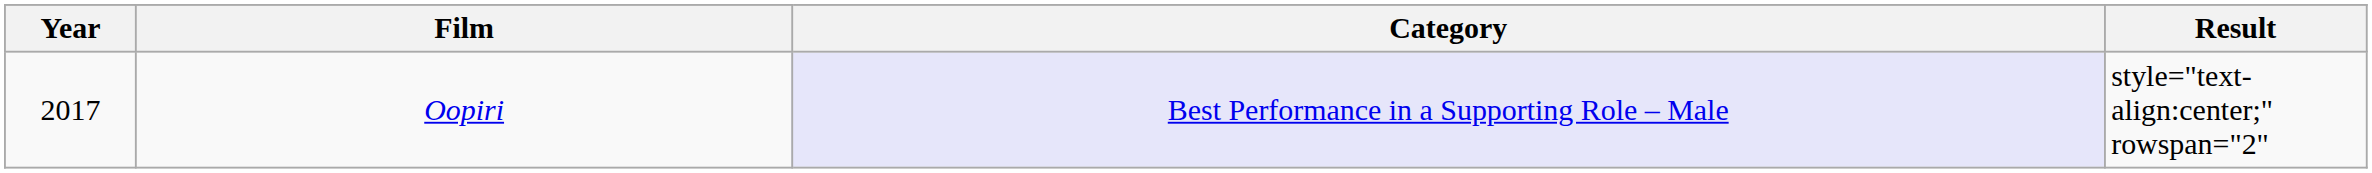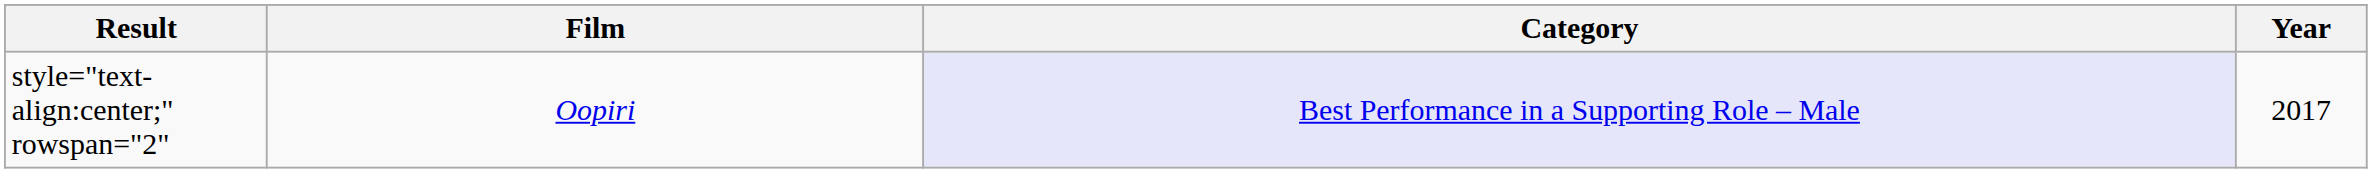 <table class="wikitable" style="width:100%;">
 <tr>
-<th width=5%>Year</th>
+<th style="width:10%;">Result</th>
 <th style="width:25%;">Film</th>
 <th style="width:50%;">Category</th>
-<th style="width:10%;">Result</th>
+<th width=5%>Year</th>
 </tr>
 <tr>
-<td style="text-align:center;">2017</td>
+<td>style="text-align:center;" rowspan="2" </td>
 <td style="text-align:center;"><em><a href='#'>Oopiri</a></em></td>
 <td style="background: lavender; text-align:center;"><a href='#'>Best Performance in a Supporting Role – Male</a></td>
-<td>style="text-align:center;" rowspan="2" </td>
+<td style="text-align:center;">2017</td>
 </tr>
 </table>
